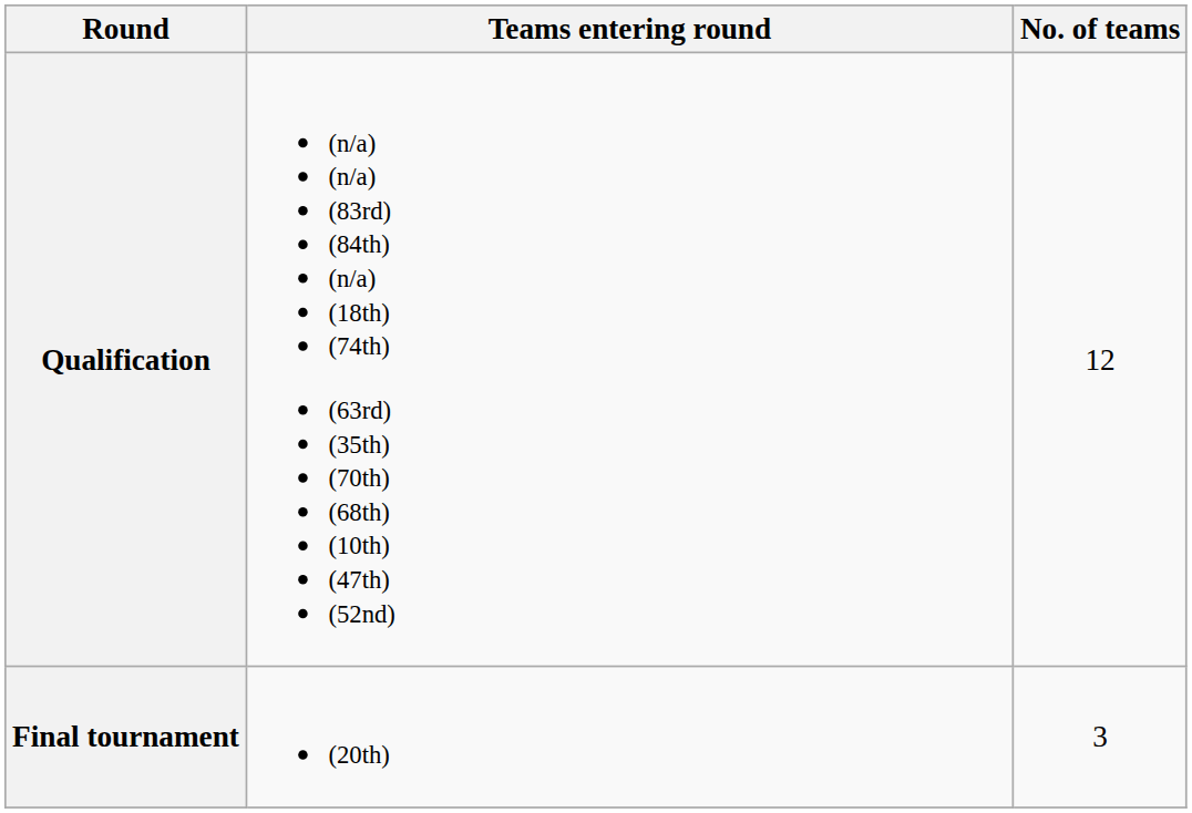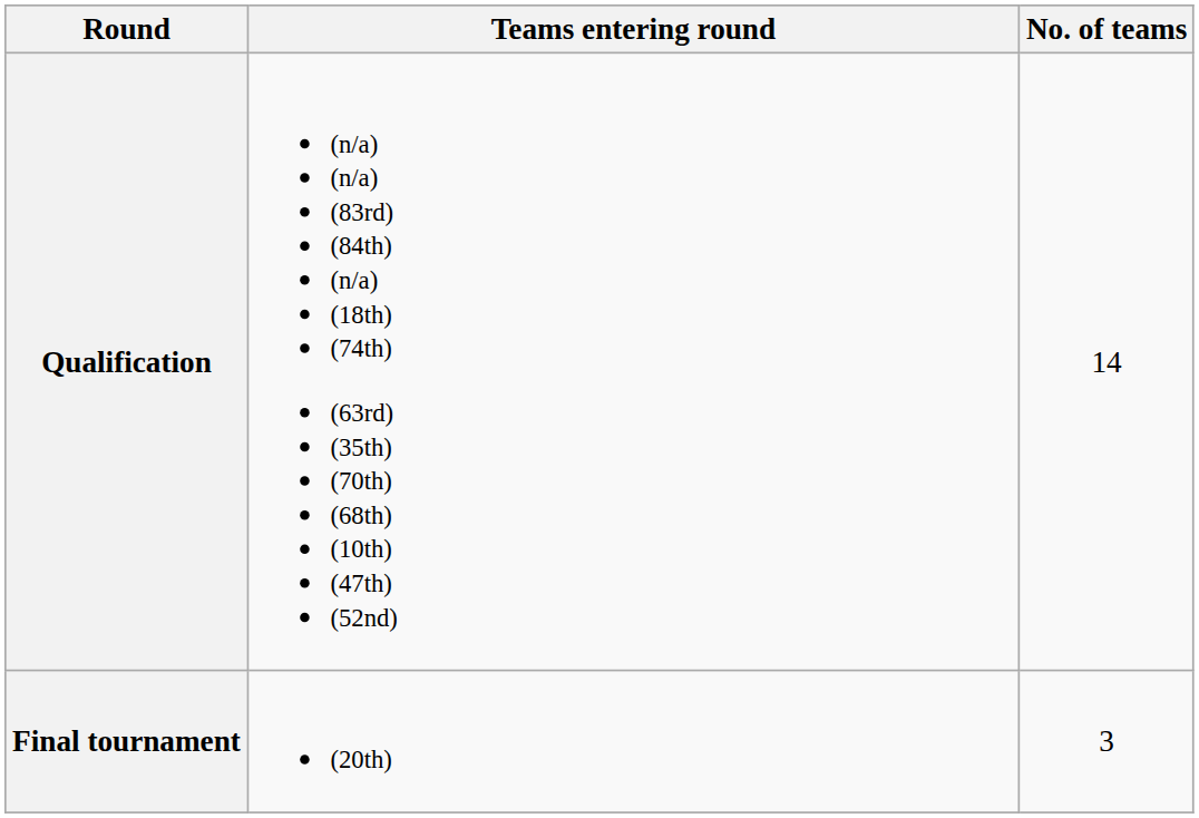 <table class="wikitable">
 <tr>
 <th>Round</th>
 <th width=400>Teams entering round</th>
 <th>No. of teams</th>
 </tr>
 <tr>
 <th>Qualification</th>
 <td><br> <ul><li> <small>(n/a)</small></li><li> <small>(n/a)</small></li><li> <small>(83rd)</small></li><li> <small>(84th)</small></li><li> <small>(n/a)</small></li><li> <small>(18th)</small></li><li> <small>(74th)</small></li></ul><ul><li> <small>(63rd)</small></li><li> <small>(35th)</small></li><li> <small>(70th)</small></li><li> <small>(68th)</small></li><li> <small>(10th)</small></li><li> <small>(47th)</small></li><li> <small>(52nd)</small></li></ul></td>
-<td align=center>12</td>
+<td align=center>14</td>
 </tr>
 <tr>
 <th>Final tournament</th>
 <td><br><ul><li> <small>(20th)</small></li></ul></td>
 <td align=center>3</td>
 </tr>
 </table>
